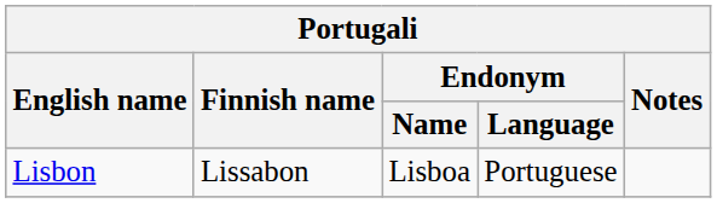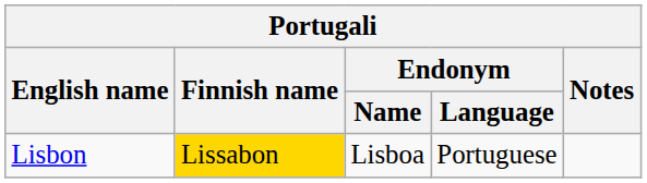 <table class="wikitable sortable">
 <tr>
 <th colspan="5"> Portugali</th>
 </tr>
 <tr>
 <th rowspan="2">English name</th>
 <th rowspan="2">Finnish name</th>
 <th colspan="2">Endonym</th>
 <th rowspan="2">Notes</th>
 </tr>
 <tr>
 <th>Name</th>
 <th>Language</th>
 </tr>
 <tr>
 <td><a href='#'>Lisbon</a></td>
-<td>Lissabon</td>
+<td style="background: gold;">Lissabon</td>
 <td>Lisboa</td>
 <td>Portuguese</td>
 <td></td>
 </tr>
 </table>
